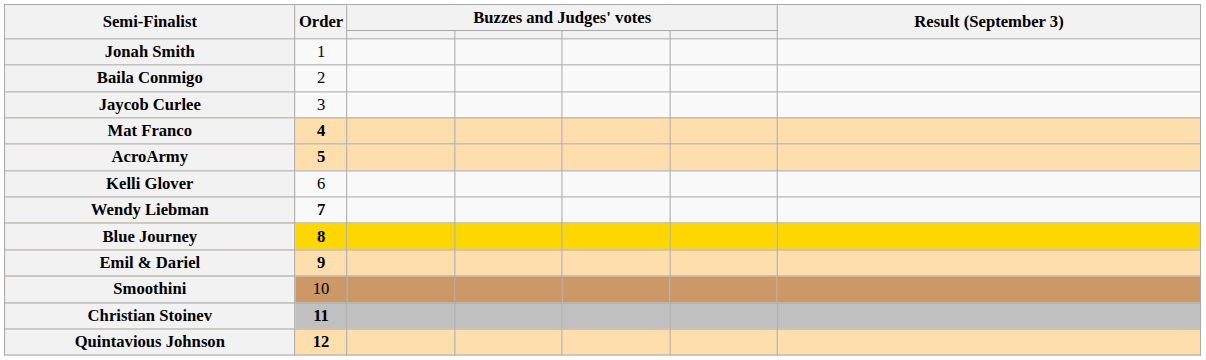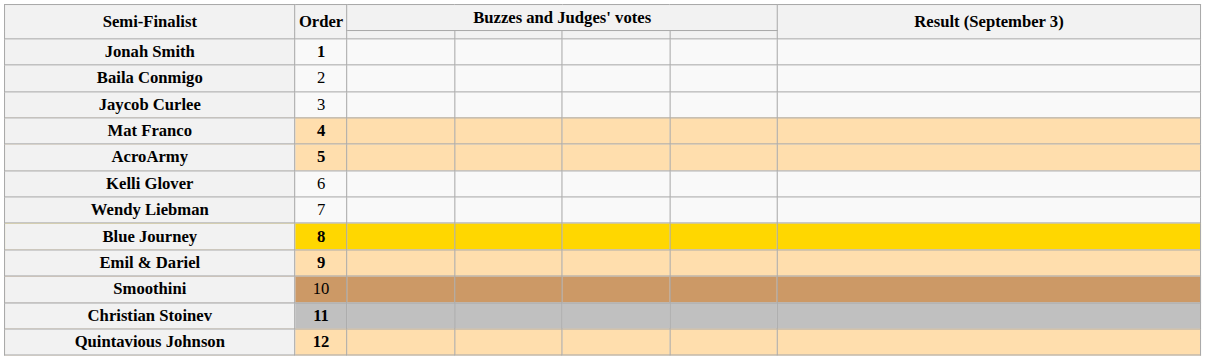 <table class="wikitable plainrowheaders sortable" style="text-align:center;">
 <tr>
 <th scope="col" rowspan="2" class="unsortable" style="width:17em;">Semi-Finalist</th>
 <th scope="col" rowspan="2" style="width:1em;">Order</th>
 <th scope="col" colspan="4" class="unsortable" style="width:24em;">Buzzes and Judges' votes</th>
 <th scope="col" rowspan="2" style="width:25em;">Result (September 3)</th>
 </tr>
 <tr>
 <th scope="col" class="unsortable" style="width:6em;"></th>
 <th scope="col" class="unsortable" style="width:6em;"></th>
 <th scope="col" class="unsortable" style="width:6em;"></th>
 <th scope="col" class="unsortable" style="width:6em;"></th>
 </tr>
 <tr>
 <th scope="row">Jonah Smith</th>
-<td>1</td>
+<td><strong>1</strong></td>
 <td style="text-align:center;"></td>
 <td style="text-align:center;"></td>
 <td style="text-align:center;"></td>
 <td style="text-align:center;"></td>
 <td></td>
 </tr>
 <tr>
 <th scope="row">Baila Conmigo</th>
 <td>2</td>
 <td style="text-align:center;"></td>
 <td style="text-align:center;"></td>
 <td style="text-align:center;"></td>
 <td style="text-align:center;"></td>
 <td></td>
 </tr>
 <tr>
 <th scope="row">Jaycob Curlee</th>
 <td>3</td>
 <td style="text-align:center;"></td>
 <td style="text-align:center;"></td>
 <td style="text-align:center;"></td>
 <td style="text-align:center;"></td>
 <td></td>
 </tr>
 <tr style="background:NavajoWhite">
 <th scope="row"><strong>Mat Franco</strong></th>
 <td><strong>4</strong></td>
 <td style="text-align:center;"></td>
 <td style="text-align:center;"></td>
 <td style="text-align:center;"></td>
 <td style="text-align:center;"></td>
 <td><strong></strong></td>
 </tr>
 <tr style="background:NavajoWhite">
 <th scope="row"><strong>AcroArmy</strong></th>
 <td><strong>5</strong></td>
 <td style="text-align:center;"></td>
 <td style="text-align:center;"></td>
 <td style="text-align:center;"></td>
 <td style="text-align:center;"></td>
 <td><strong></strong></td>
 </tr>
 <tr>
 <th scope="row">Kelli Glover</th>
 <td>6</td>
 <td style="text-align:center;"></td>
 <td style="text-align:center;"></td>
 <td style="text-align:center;"></td>
 <td style="text-align:center;"></td>
 <td></td>
 </tr>
 <tr>
 <th scope="row">Wendy Liebman</th>
-<td><strong>7</strong></td>
+<td>7</td>
 <td style="text-align:center;"></td>
 <td style="text-align:center;"></td>
 <td style="text-align:center;"></td>
 <td style="text-align:center;"></td>
 <td></td>
 </tr>
 <tr style="background:gold">
 <th scope="row"><strong>Blue Journey</strong></th>
 <td><strong>8</strong></td>
 <td style="text-align:center;"></td>
 <td style="text-align:center;"></td>
 <td style="text-align:center;"></td>
 <td style="text-align:center;"></td>
 <td><strong></strong></td>
 </tr>
 <tr style="background:NavajoWhite">
 <th scope="row"><strong>Emil & Dariel</strong></th>
 <td><strong>9</strong></td>
 <td style="text-align:center;"></td>
 <td style="text-align:center;"></td>
 <td style="text-align:center;"></td>
 <td style="text-align:center;"></td>
 <td><strong></strong></td>
 </tr>
 <tr style="background:#c96">
 <th scope="row">Smoothini</th>
 <td>10</td>
 <td style="text-align:center;"></td>
 <td style="text-align:center;"></td>
 <td style="text-align:center;"></td>
 <td style="text-align:center;"></td>
 <td></td>
 </tr>
 <tr style="background:silver">
 <th scope="row"><strong>Christian Stoinev</strong></th>
 <td><strong>11</strong></td>
 <td style="text-align:center;"></td>
 <td style="text-align:center;"></td>
 <td style="text-align:center;"></td>
 <td style="text-align:center;"></td>
 <td><strong></strong></td>
 </tr>
 <tr style="background:NavajoWhite">
 <th scope="row"><strong>Quintavious Johnson</strong></th>
 <td><strong>12</strong></td>
 <td style="text-align:center;"></td>
 <td style="text-align:center;"></td>
 <td style="text-align:center;"></td>
 <td style="text-align:center;"></td>
 <td><strong></strong></td>
 </tr>
 </table>
